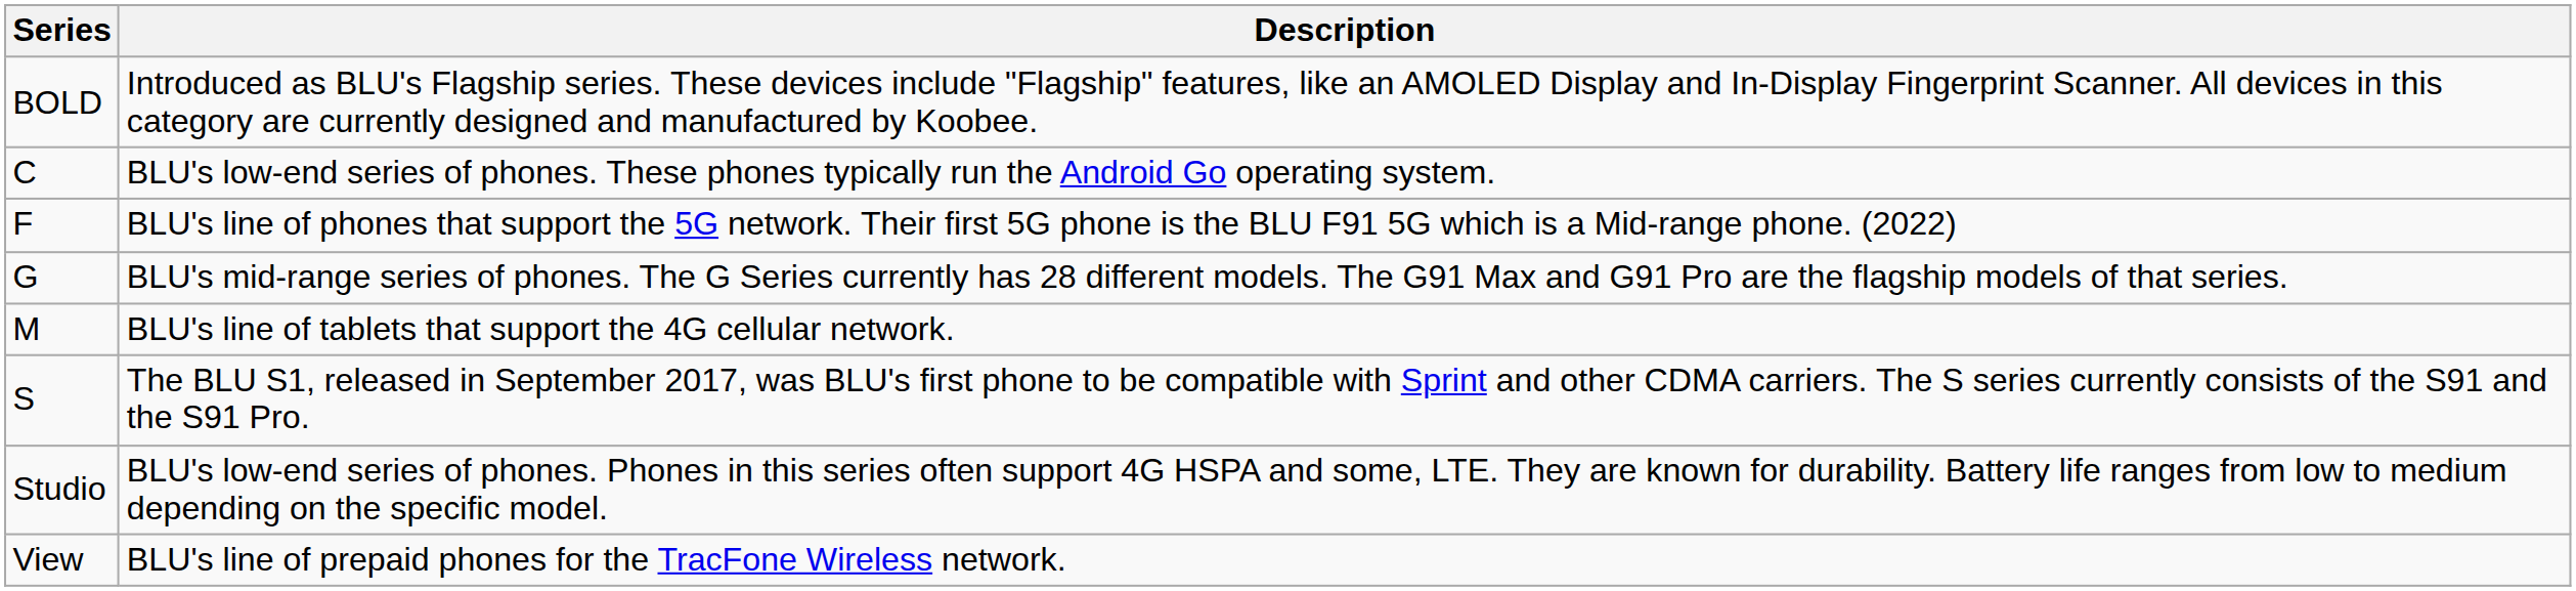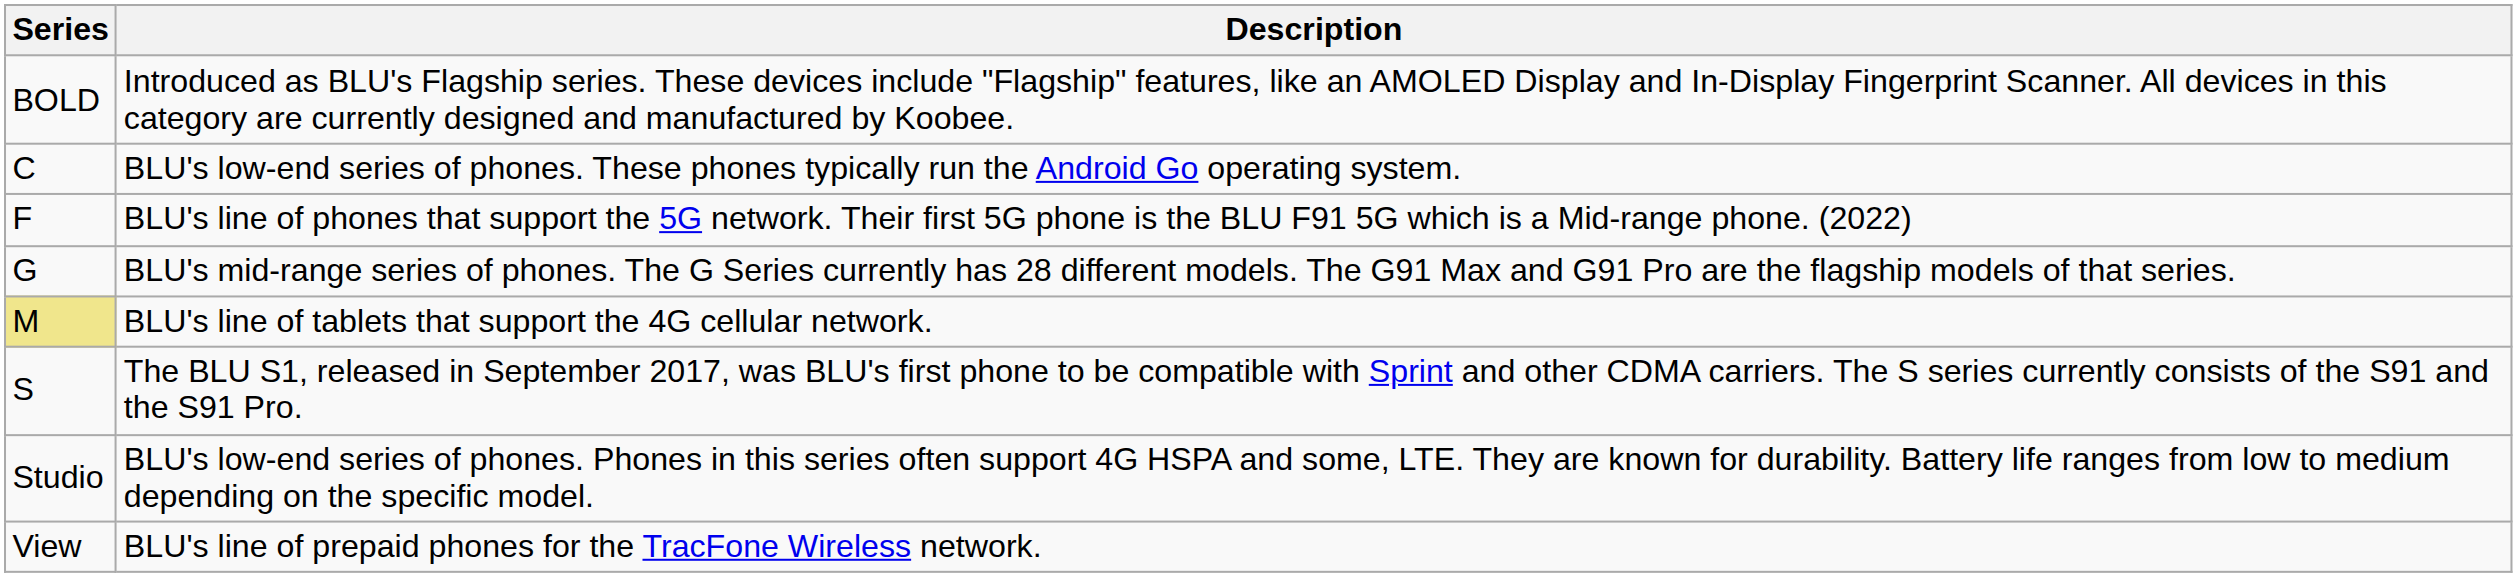 <table class="wikitable">
 <tr>
 <th>Series</th>
 <th>Description</th>
 </tr>
 <tr>
 <td>BOLD</td>
 <td>Introduced as BLU's Flagship series. These devices include "Flagship" features, like an AMOLED Display and In-Display Fingerprint Scanner. All devices in this category are currently designed and manufactured by Koobee.</td>
 </tr>
 <tr>
 <td>C</td>
 <td>BLU's low-end series of phones. These phones typically run the <a href='#'>Android Go</a> operating system.</td>
 </tr>
 <tr>
 <td>F</td>
 <td>BLU's line of phones that support the <a href='#'>5G</a> network. Their first 5G phone is the BLU F91 5G which is a Mid-range phone. (2022)</td>
 </tr>
 <tr>
 <td>G</td>
 <td>BLU's mid-range series of phones. The G Series currently has 28 different models. The G91 Max and G91 Pro are the flagship models of that series.</td>
 </tr>
 <tr>
-<td>M</td>
+<td style="background: khaki;">M</td>
 <td>BLU's line of tablets that support the 4G cellular network.</td>
 </tr>
 <tr>
 <td>S</td>
 <td>The BLU S1, released in September 2017, was BLU's first phone to be compatible with <a href='#'>Sprint</a> and other CDMA carriers. The S series currently consists of the S91 and the S91 Pro.</td>
 </tr>
 <tr>
 <td>Studio</td>
 <td>BLU's low-end series of phones. Phones in this series often support 4G HSPA and some, LTE. They are known for durability. Battery life ranges from low to medium depending on the specific model.</td>
 </tr>
 <tr>
 <td>View</td>
 <td>BLU's line of prepaid phones for the <a href='#'>TracFone Wireless</a> network.</td>
 </tr>
 </table>
